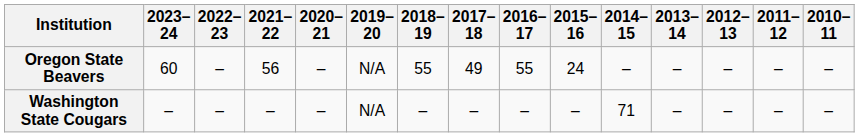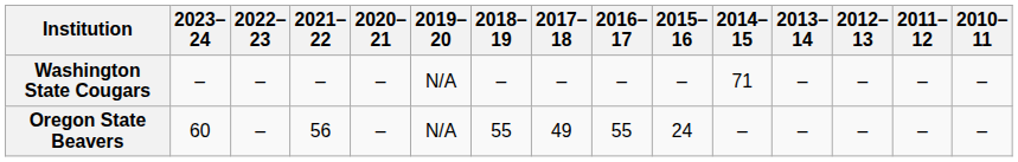 <table class="wikitable sortable" style="text-align: center;">
 <tr>
 <th scope="col">Institution</th>
 <th>2023–<br>24</th>
 <th>2022–<br>23</th>
 <th scope="col">2021–<br>22</th>
 <th scope="col">2020–<br>21</th>
 <th scope="col">2019–<br>20</th>
 <th scope="col">2018–<br>19</th>
 <th scope="col">2017–<br>18</th>
 <th scope="col">2016–<br>17</th>
 <th scope="col">2015–<br>16</th>
 <th scope="col">2014–<br>15</th>
 <th scope="col">2013–<br>14</th>
 <th scope="col">2012–<br>13</th>
 <th scope="col">2011–<br>12</th>
 <th>2010–<br>11</th>
 </tr>
 <tr>
+<th>Washington State Cougars</th>
+<td>–</td>
+<td>–</td>
+<td>–</td>
+<td>–</td>
+<td>N/A</td>
+<td>–</td>
+<td>–</td>
+<td>–</td>
+<td>–</td>
+<td>71</td>
+<td>–</td>
+<td>–</td>
+<td>–</td>
+<td>–</td>
+</tr>
+<tr>
 <th>Oregon State Beavers</th>
 <td>60</td>
 <td>–</td>
 <td>56</td>
 <td>–</td>
 <td>N/A</td>
 <td>55</td>
 <td>49</td>
 <td>55</td>
 <td>24</td>
 <td>–</td>
 <td>–</td>
 <td>–</td>
 <td>–</td>
 <td>–</td>
 </tr>
-<tr>
-<th>Washington State Cougars</th>
-<td>–</td>
-<td>–</td>
-<td>–</td>
-<td>–</td>
-<td>N/A</td>
-<td>–</td>
-<td>–</td>
-<td>–</td>
-<td>–</td>
-<td>71</td>
-<td>–</td>
-<td>–</td>
-<td>–</td>
-<td>–</td>
-</tr>
 </table>
